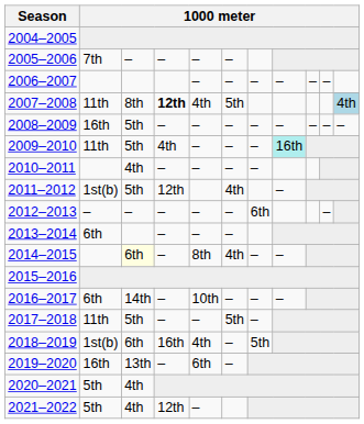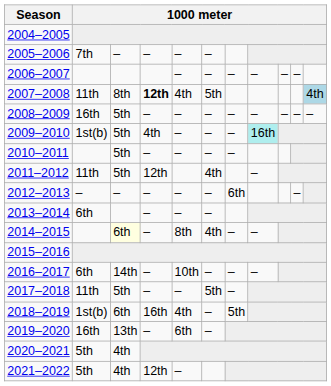 <table class="wikitable" style="display: inline-table;">
 <tr>
 <th>Season</th>
 <th colspan="12">1000 meter</th>
 </tr>
 <tr>
 <td><a href='#'>2004–2005</a></td>
 <td colspan="10" bgcolor=#EEEEEE></td>
 </tr>
 <tr>
 <td><a href='#'>2005–2006</a></td>
 <td>7th</td>
 <td>–</td>
 <td>–</td>
 <td>–</td>
 <td>–</td>
 <td></td>
 <td colspan="4" bgcolor=#EEEEEE></td>
 </tr>
 <tr>
 <td><a href='#'>2006–2007</a></td>
 <td></td>
 <td></td>
 <td></td>
 <td>–</td>
 <td>–</td>
 <td>–</td>
 <td>–</td>
 <td>–</td>
 <td>–</td>
 <td></td>
 </tr>
 <tr>
 <td><a href='#'>2007–2008</a></td>
 <td>11th</td>
 <td>8th</td>
 <td><strong>12th</strong></td>
 <td>4th</td>
 <td>5th</td>
 <td></td>
 <td></td>
 <td></td>
 <td></td>
 <td style="background: lightblue;">4th</td>
 </tr>
 <tr>
 <td><a href='#'>2008–2009</a></td>
 <td>16th</td>
 <td>5th</td>
 <td>–</td>
 <td>–</td>
 <td>–</td>
 <td>–</td>
 <td>–</td>
 <td>–</td>
 <td>–</td>
 <td>–</td>
 </tr>
 <tr>
 <td><a href='#'>2009–2010</a></td>
-<td>11th</td>
+<td>1st(b)</td>
 <td>5th</td>
 <td>4th</td>
 <td>–</td>
 <td>–</td>
 <td>–</td>
 <td style="background: paleturquoise;">16th</td>
 <td colspan="3" bgcolor=#EEEEEE></td>
 </tr>
 <tr>
 <td><a href='#'>2010–2011</a></td>
 <td></td>
-<td>4th</td>
+<td>5th</td>
 <td>–</td>
 <td>–</td>
 <td>–</td>
 <td>–</td>
 <td></td>
 <td></td>
 <td colspan="3" bgcolor=#EEEEEE></td>
 </tr>
 <tr>
 <td><a href='#'>2011–2012</a></td>
-<td>1st(b)</td>
+<td>11th</td>
 <td>5th</td>
 <td>12th</td>
 <td></td>
 <td>4th</td>
 <td></td>
 <td>–</td>
 <td colspan="4" bgcolor=#EEEEEE></td>
 </tr>
 <tr>
 <td><a href='#'>2012–2013</a></td>
 <td>–</td>
 <td>–</td>
 <td>–</td>
 <td>–</td>
 <td>–</td>
 <td>6th</td>
 <td></td>
 <td></td>
 <td>–</td>
 <td colspan="2" bgcolor=#EEEEEE></td>
 </tr>
 <tr>
 <td><a href='#'>2013–2014</a></td>
 <td>6th</td>
 <td></td>
 <td>–</td>
 <td>–</td>
 <td>–</td>
 <td></td>
 <td colspan="5" bgcolor=#EEEEEE></td>
 </tr>
 <tr>
 <td><a href='#'>2014–2015</a></td>
 <td></td>
 <td style="background: lightyellow;">6th</td>
 <td>–</td>
 <td>8th</td>
 <td>4th</td>
 <td>–</td>
 <td>–</td>
 <td colspan="4" bgcolor=#EEEEEE></td>
 </tr>
 <tr>
 <td><a href='#'>2015–2016</a></td>
 <td colspan="10" bgcolor=#EEEEEE></td>
 </tr>
 <tr>
 <td><a href='#'>2016–2017</a></td>
 <td>6th</td>
 <td>14th</td>
 <td>–</td>
 <td>10th</td>
 <td>–</td>
 <td>–</td>
 <td>–</td>
 <td colspan="4" bgcolor=#EEEEEE></td>
 </tr>
 <tr>
 <td><a href='#'>2017–2018</a></td>
 <td>11th</td>
 <td>5th</td>
 <td>–</td>
 <td>–</td>
 <td>5th</td>
 <td>–</td>
 <td colspan="6" bgcolor=#EEEEEE></td>
 </tr>
 <tr>
 <td><a href='#'>2018–2019</a></td>
 <td>1st(b)</td>
 <td>6th</td>
 <td>16th</td>
 <td>4th</td>
 <td>–</td>
 <td>5th</td>
 <td colspan="4" bgcolor=#EEEEEE></td>
 </tr>
 <tr>
 <td><a href='#'>2019–2020</a></td>
 <td>16th</td>
 <td>13th</td>
 <td>–</td>
 <td>6th</td>
 <td>–</td>
 <td colspan="5" bgcolor=#EEEEEE></td>
 </tr>
 <tr>
 <td><a href='#'>2020–2021</a></td>
 <td>5th</td>
 <td>4th</td>
 <td colspan="10" bgcolor=#EEEEEE></td>
 </tr>
 <tr>
 <td><a href='#'>2021–2022</a></td>
 <td>5th</td>
 <td>4th</td>
 <td>12th</td>
 <td>–</td>
 <td></td>
 <td colspan="5" bgcolor=#EEEEEE></td>
 </tr>
 </table>
